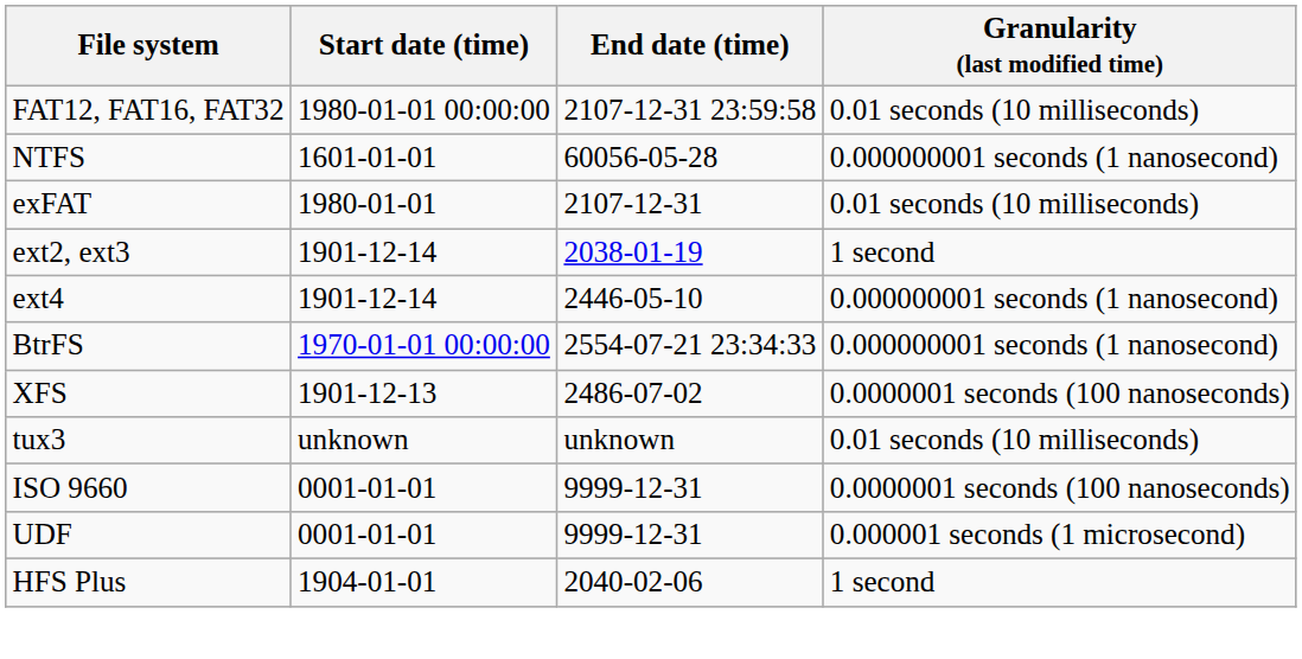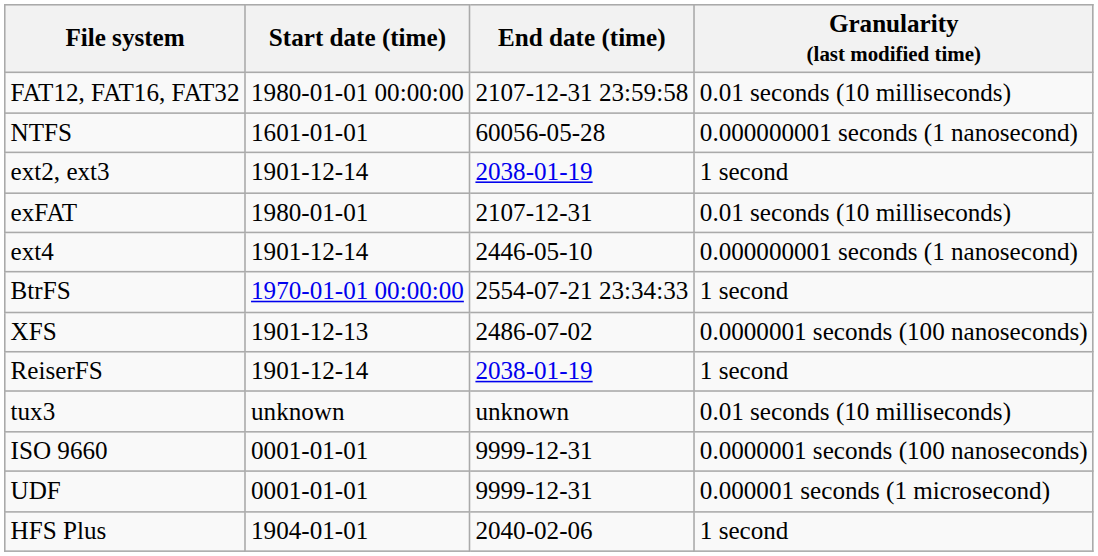 <table class="wikitable">
 <tr>
 <th>File system</th>
 <th>Start date (time)</th>
 <th>End date (time)</th>
 <th>Granularity<br><small>(last modified time)</small> </th>
 </tr>
 <tr>
 <td>FAT12, FAT16, FAT32</td>
 <td>1980-01-01 00:00:00</td>
 <td>2107-12-31 23:59:58</td>
 <td>0.01 seconds (10 milliseconds)</td>
 </tr>
 <tr>
 <td>NTFS</td>
 <td>1601-01-01</td>
 <td>60056-05-28</td>
 <td>0.000000001 seconds (1 nanosecond)</td>
 </tr>
 <tr>
+<td>ext2, ext3</td>
+<td>1901-12-14</td>
+<td><a href='#'>2038-01-19</a></td>
+<td>1 second</td>
+</tr>
+<tr>
 <td>exFAT</td>
 <td>1980-01-01</td>
 <td>2107-12-31</td>
 <td>0.01 seconds (10 milliseconds)</td>
-</tr>
-<tr>
-<td>ext2, ext3</td>
-<td>1901-12-14</td>
-<td><a href='#'>2038-01-19</a></td>
-<td>1 second</td>
 </tr>
 <tr>
 <td>ext4</td>
 <td>1901-12-14</td>
 <td>2446-05-10</td>
 <td>0.000000001 seconds (1 nanosecond)</td>
 </tr>
 <tr>
 <td>BtrFS</td>
 <td><a href='#'>1970-01-01 00:00:00</a></td>
 <td>2554-07-21 23:34:33</td>
-<td>0.000000001 seconds (1 nanosecond)</td>
+<td>1 second</td>
 </tr>
 <tr>
 <td>XFS</td>
 <td>1901-12-13</td>
 <td>2486-07-02</td>
 <td>0.0000001 seconds (100 nanoseconds)</td>
+</tr>
+<tr>
+<td>ReiserFS</td>
+<td>1901-12-14</td>
+<td><a href='#'>2038-01-19</a></td>
+<td>1 second</td>
 </tr>
 <tr>
 <td>tux3</td>
 <td>unknown</td>
 <td>unknown</td>
 <td>0.01 seconds (10 milliseconds)</td>
 </tr>
 <tr>
 <td>ISO 9660</td>
 <td>0001-01-01</td>
 <td>9999-12-31</td>
 <td>0.0000001 seconds (100 nanoseconds)</td>
 </tr>
 <tr>
 <td>UDF</td>
 <td>0001-01-01</td>
 <td>9999-12-31</td>
 <td>0.000001 seconds (1 microsecond)</td>
 </tr>
 <tr>
 <td>HFS Plus</td>
 <td>1904-01-01</td>
 <td>2040-02-06</td>
 <td>1 second</td>
 </tr>
 </table>
